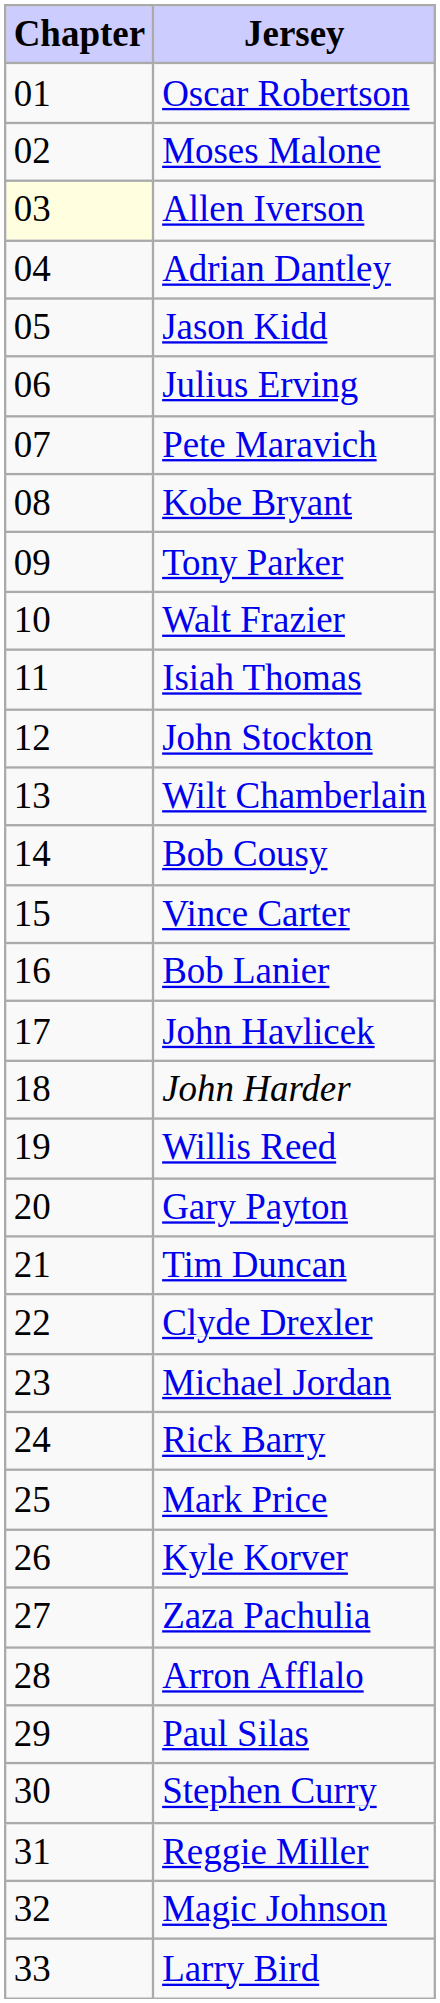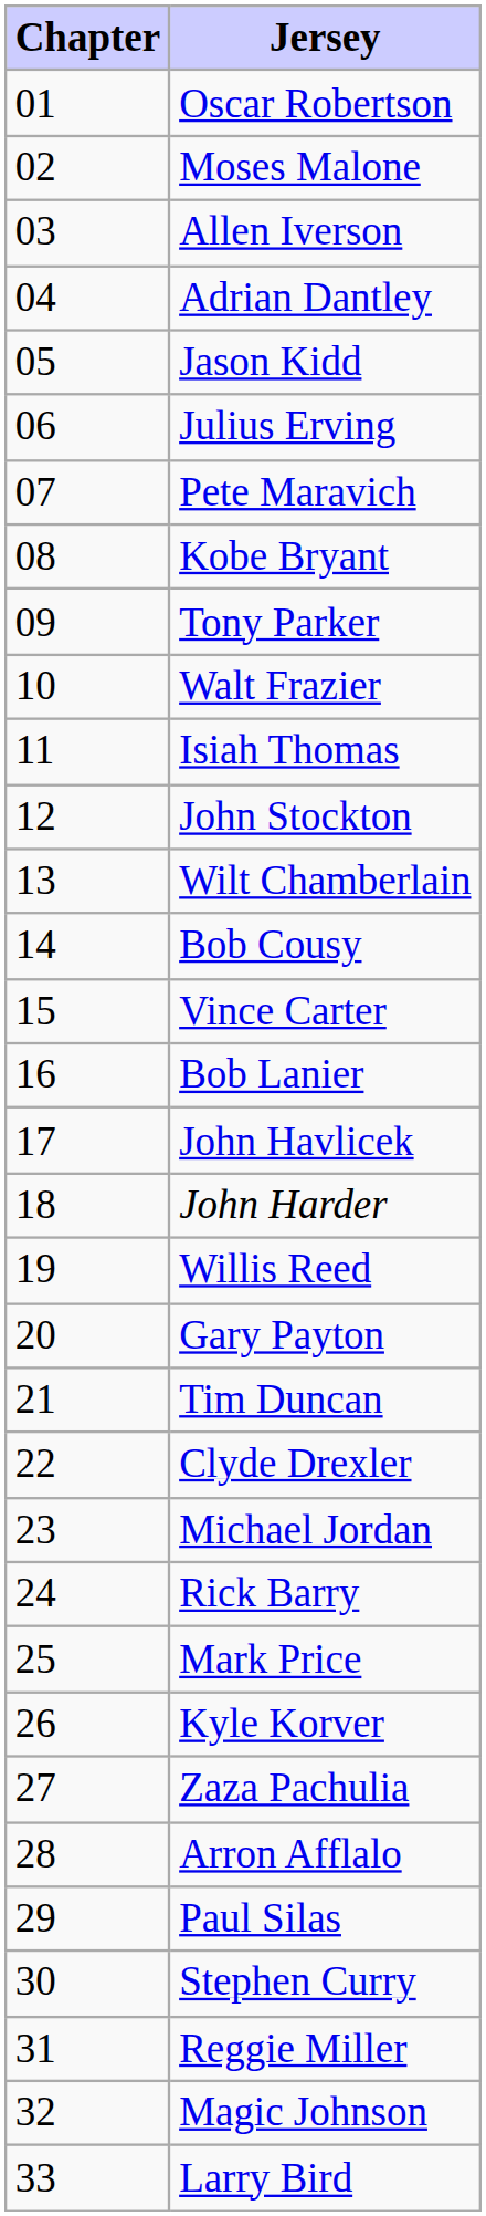 <table class="wikitable sortable collapsible collapsed">
 <tr style="color:black">
 <th style="background-color: #ccccff;">Chapter</th>
 <th style="background-color: #ccccff;">Jersey</th>
 </tr>
 <tr>
 <td>01</td>
 <td><a href='#'>Oscar Robertson</a></td>
 </tr>
 <tr>
 <td>02</td>
 <td><a href='#'>Moses Malone</a></td>
 </tr>
 <tr>
-<td style="background: lightyellow;">03</td>
+<td>03</td>
 <td><a href='#'>Allen Iverson</a></td>
 </tr>
 <tr>
 <td>04</td>
 <td><a href='#'>Adrian Dantley</a></td>
 </tr>
 <tr>
 <td>05</td>
 <td><a href='#'>Jason Kidd</a></td>
 </tr>
 <tr>
 <td>06</td>
 <td><a href='#'>Julius Erving</a></td>
 </tr>
 <tr>
 <td>07</td>
 <td><a href='#'>Pete Maravich</a></td>
 </tr>
 <tr>
 <td>08</td>
 <td><a href='#'>Kobe Bryant</a></td>
 </tr>
 <tr>
 <td>09</td>
 <td><a href='#'>Tony Parker</a></td>
 </tr>
 <tr>
 <td>10</td>
 <td><a href='#'>Walt Frazier</a></td>
 </tr>
 <tr>
 <td>11</td>
 <td><a href='#'>Isiah Thomas</a></td>
 </tr>
 <tr>
 <td>12</td>
 <td><a href='#'>John Stockton</a></td>
 </tr>
 <tr>
 <td>13</td>
 <td><a href='#'>Wilt Chamberlain</a></td>
 </tr>
 <tr>
 <td>14</td>
 <td><a href='#'>Bob Cousy</a></td>
 </tr>
 <tr>
 <td>15</td>
 <td><a href='#'>Vince Carter</a></td>
 </tr>
 <tr>
 <td>16</td>
 <td><a href='#'>Bob Lanier</a></td>
 </tr>
 <tr>
 <td>17</td>
 <td><a href='#'>John Havlicek</a></td>
 </tr>
 <tr>
 <td>18</td>
 <td><em>John Harder</em></td>
 </tr>
 <tr>
 <td>19</td>
 <td><a href='#'>Willis Reed</a></td>
 </tr>
 <tr>
 <td>20</td>
 <td><a href='#'>Gary Payton</a></td>
 </tr>
 <tr>
 <td>21</td>
 <td><a href='#'>Tim Duncan</a></td>
 </tr>
 <tr>
 <td>22</td>
 <td><a href='#'>Clyde Drexler</a></td>
 </tr>
 <tr>
 <td>23</td>
 <td><a href='#'>Michael Jordan</a></td>
 </tr>
 <tr>
 <td>24</td>
 <td><a href='#'>Rick Barry</a></td>
 </tr>
 <tr>
 <td>25</td>
 <td><a href='#'>Mark Price</a></td>
 </tr>
 <tr>
 <td>26</td>
 <td><a href='#'>Kyle Korver</a></td>
 </tr>
 <tr>
 <td>27</td>
 <td><a href='#'>Zaza Pachulia</a></td>
 </tr>
 <tr>
 <td>28</td>
 <td><a href='#'>Arron Afflalo</a></td>
 </tr>
 <tr>
 <td>29</td>
 <td><a href='#'>Paul Silas</a></td>
 </tr>
 <tr>
 <td>30</td>
 <td><a href='#'>Stephen Curry</a></td>
 </tr>
 <tr>
 <td>31</td>
 <td><a href='#'>Reggie Miller</a></td>
 </tr>
 <tr>
 <td>32</td>
 <td><a href='#'>Magic Johnson</a></td>
 </tr>
 <tr>
 <td>33</td>
 <td><a href='#'>Larry Bird</a></td>
 </tr>
 </table>
